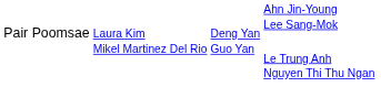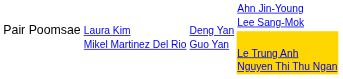 <table>
 <tr>
 <td rowspan=2>Pair Poomsae</td>
 <td rowspan=2><br><small><a href='#'>Laura Kim</a><br><a href='#'>Mikel Martinez Del Rio</a></small></td>
 <td rowspan=2><br><small><a href='#'>Deng Yan</a><br><a href='#'>Guo Yan</a></small></td>
 <td><br><small><a href='#'>Ahn Jin-Young</a><br><a href='#'>Lee Sang-Mok</a></small></td>
 </tr>
 <tr>
-<td><br><small><a href='#'>Le Trung Anh</a><br><a href='#'>Nguyen Thi Thu Ngan</a></small></td>
+<td style="background: gold;"><br><small><a href='#'>Le Trung Anh</a><br><a href='#'>Nguyen Thi Thu Ngan</a></small></td>
 </tr>
 <tr>
 </tr>
 </table>
